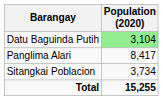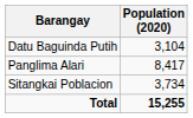 <table class="wikitable">
 <tr>
 <th>Barangay</th>
 <th>Population <br> (2020)</th>
 </tr>
 <tr>
 <td>Datu Baguinda Putih</td>
-<td align="right" style="background: lightgreen;">3,104</td>
+<td align="right">3,104</td>
 </tr>
 <tr>
 <td>Panglima Alari</td>
 <td align="right">8,417</td>
 </tr>
 <tr>
 <td>Sitangkai Poblacion</td>
 <td align="right">3,734</td>
 </tr>
 <tr>
 <td align="right"><strong>Total</strong></td>
 <td align="right"><strong>15,255</strong></td>
 </tr>
 </table>
